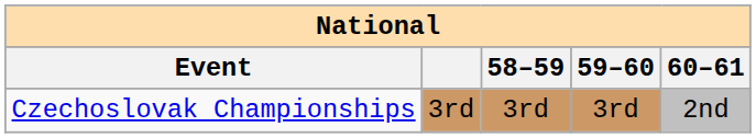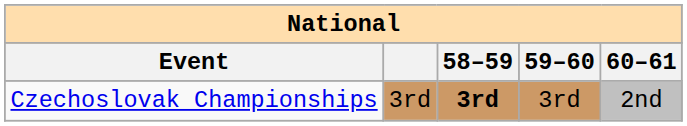 <table class="wikitable" style="text-align:center">
 <tr>
 <th style="background-color: #ffdead; " colspan=5 align=center>National</th>
 </tr>
 <tr>
 <th>Event</th>
 <th></th>
 <th>58–59</th>
 <th>59–60</th>
 <th>60–61</th>
 </tr>
 <tr>
 <td align=left><a href='#'>Czechoslovak Championships</a></td>
 <td bgcolor=cc9966>3rd</td>
-<td bgcolor=cc9966>3rd</td>
+<td bgcolor=cc9966><strong>3rd</strong></td>
 <td bgcolor=cc9966>3rd</td>
 <td bgcolor=silver>2nd</td>
 </tr>
 </table>
